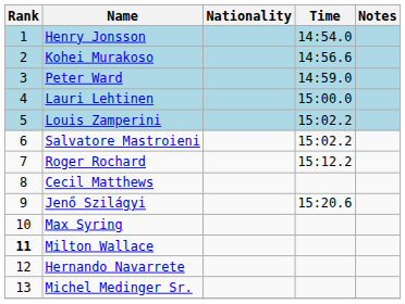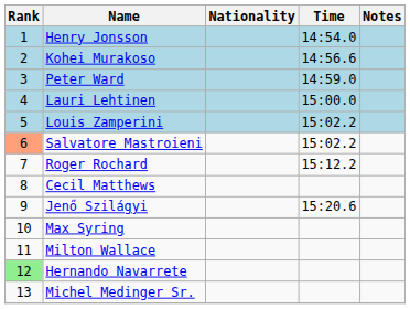 <table class="wikitable sortable" style="text-align:center">
 <tr>
 <th>Rank</th>
 <th>Name</th>
 <th>Nationality</th>
 <th>Time</th>
 <th>Notes</th>
 </tr>
 <tr bgcolor=lightblue>
 <td>1</td>
 <td align=left><a href='#'>Henry Jonsson</a></td>
 <td align=left></td>
 <td>14:54.0</td>
 <td></td>
 </tr>
 <tr bgcolor=lightblue>
 <td>2</td>
 <td align=left><a href='#'>Kohei Murakoso</a></td>
 <td align=left></td>
 <td>14:56.6</td>
 <td></td>
 </tr>
 <tr bgcolor=lightblue>
 <td>3</td>
 <td align=left><a href='#'>Peter Ward</a></td>
 <td align=left></td>
 <td>14:59.0</td>
 <td></td>
 </tr>
 <tr bgcolor=lightblue>
 <td>4</td>
 <td align=left><a href='#'>Lauri Lehtinen</a></td>
 <td align=left></td>
 <td>15:00.0</td>
 <td></td>
 </tr>
 <tr bgcolor=lightblue>
 <td>5</td>
 <td align=left><a href='#'>Louis Zamperini</a></td>
 <td align=left></td>
 <td>15:02.2</td>
 <td></td>
 </tr>
 <tr>
-<td>6</td>
+<td style="background: lightsalmon;">6</td>
 <td align=left><a href='#'>Salvatore Mastroieni</a></td>
 <td align=left></td>
 <td>15:02.2</td>
 <td></td>
 </tr>
 <tr>
 <td>7</td>
 <td align=left><a href='#'>Roger Rochard</a></td>
 <td align=left></td>
 <td>15:12.2</td>
 <td></td>
 </tr>
 <tr>
 <td>8</td>
 <td align=left><a href='#'>Cecil Matthews</a></td>
 <td align=left></td>
 <td></td>
 <td></td>
 </tr>
 <tr>
 <td>9</td>
 <td align=left><a href='#'>Jenő Szilágyi</a></td>
 <td align=left></td>
 <td>15:20.6</td>
 <td></td>
 </tr>
 <tr>
 <td>10</td>
 <td align=left><a href='#'>Max Syring</a></td>
 <td align=left></td>
 <td></td>
 <td></td>
 </tr>
 <tr>
-<td><strong>11</strong></td>
+<td>11</td>
 <td align=left><a href='#'>Milton Wallace</a></td>
 <td align=left></td>
 <td></td>
 <td></td>
 </tr>
 <tr>
-<td>12</td>
+<td style="background: lightgreen;">12</td>
 <td align=left><a href='#'>Hernando Navarrete</a></td>
 <td align=left></td>
 <td></td>
 <td></td>
 </tr>
 <tr>
 <td>13</td>
 <td align=left><a href='#'>Michel Medinger Sr.</a></td>
 <td align=left></td>
 <td></td>
 <td></td>
 </tr>
 <tr>
 </tr>
 </table>
